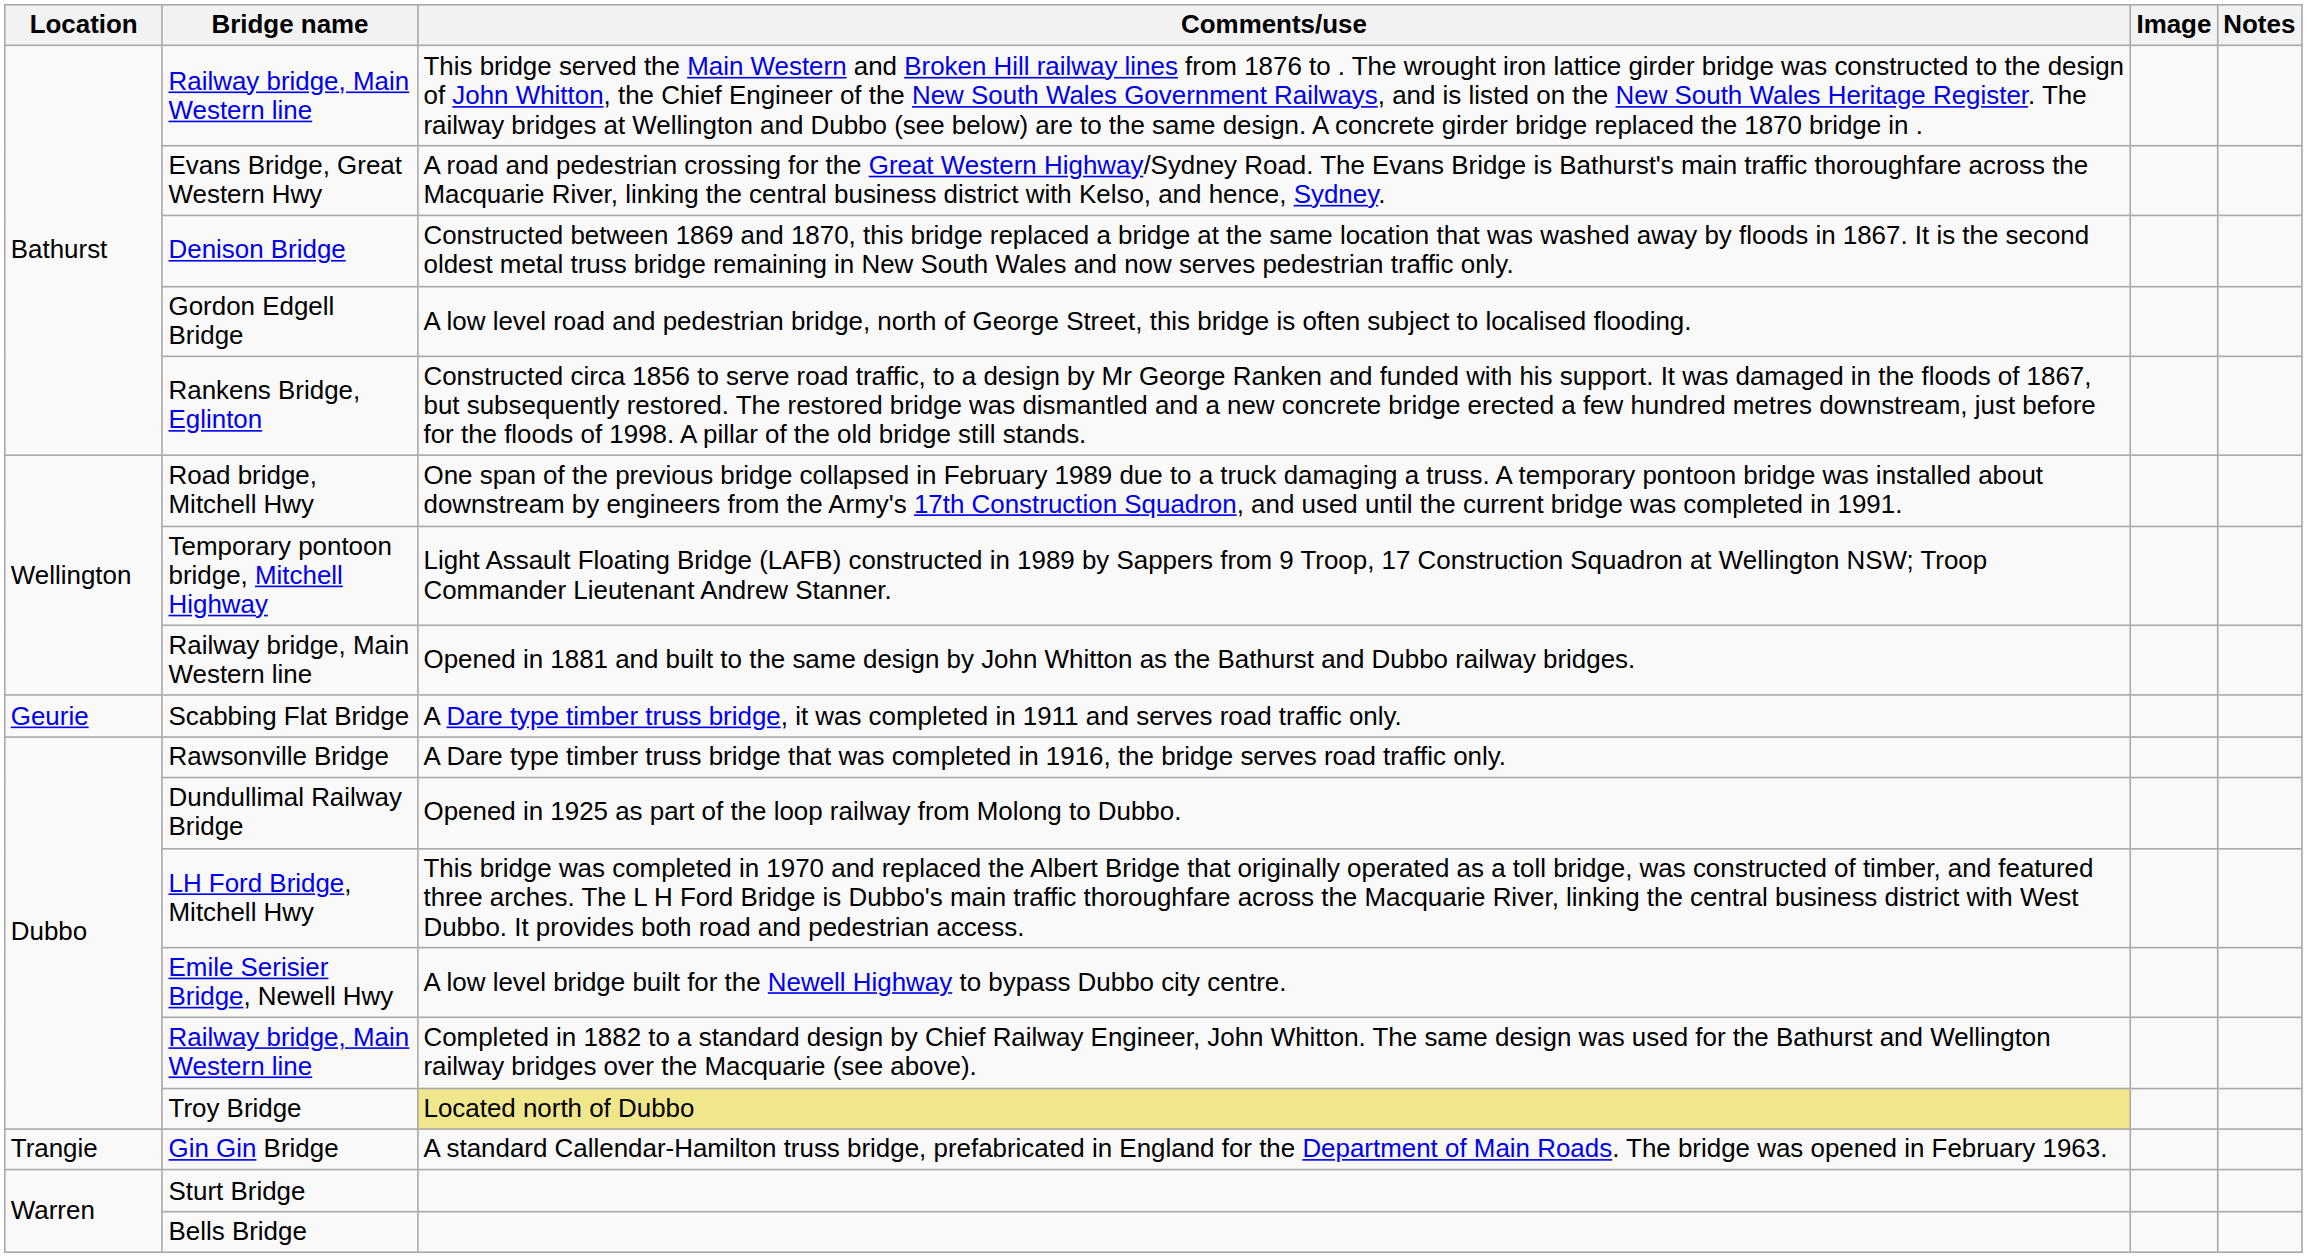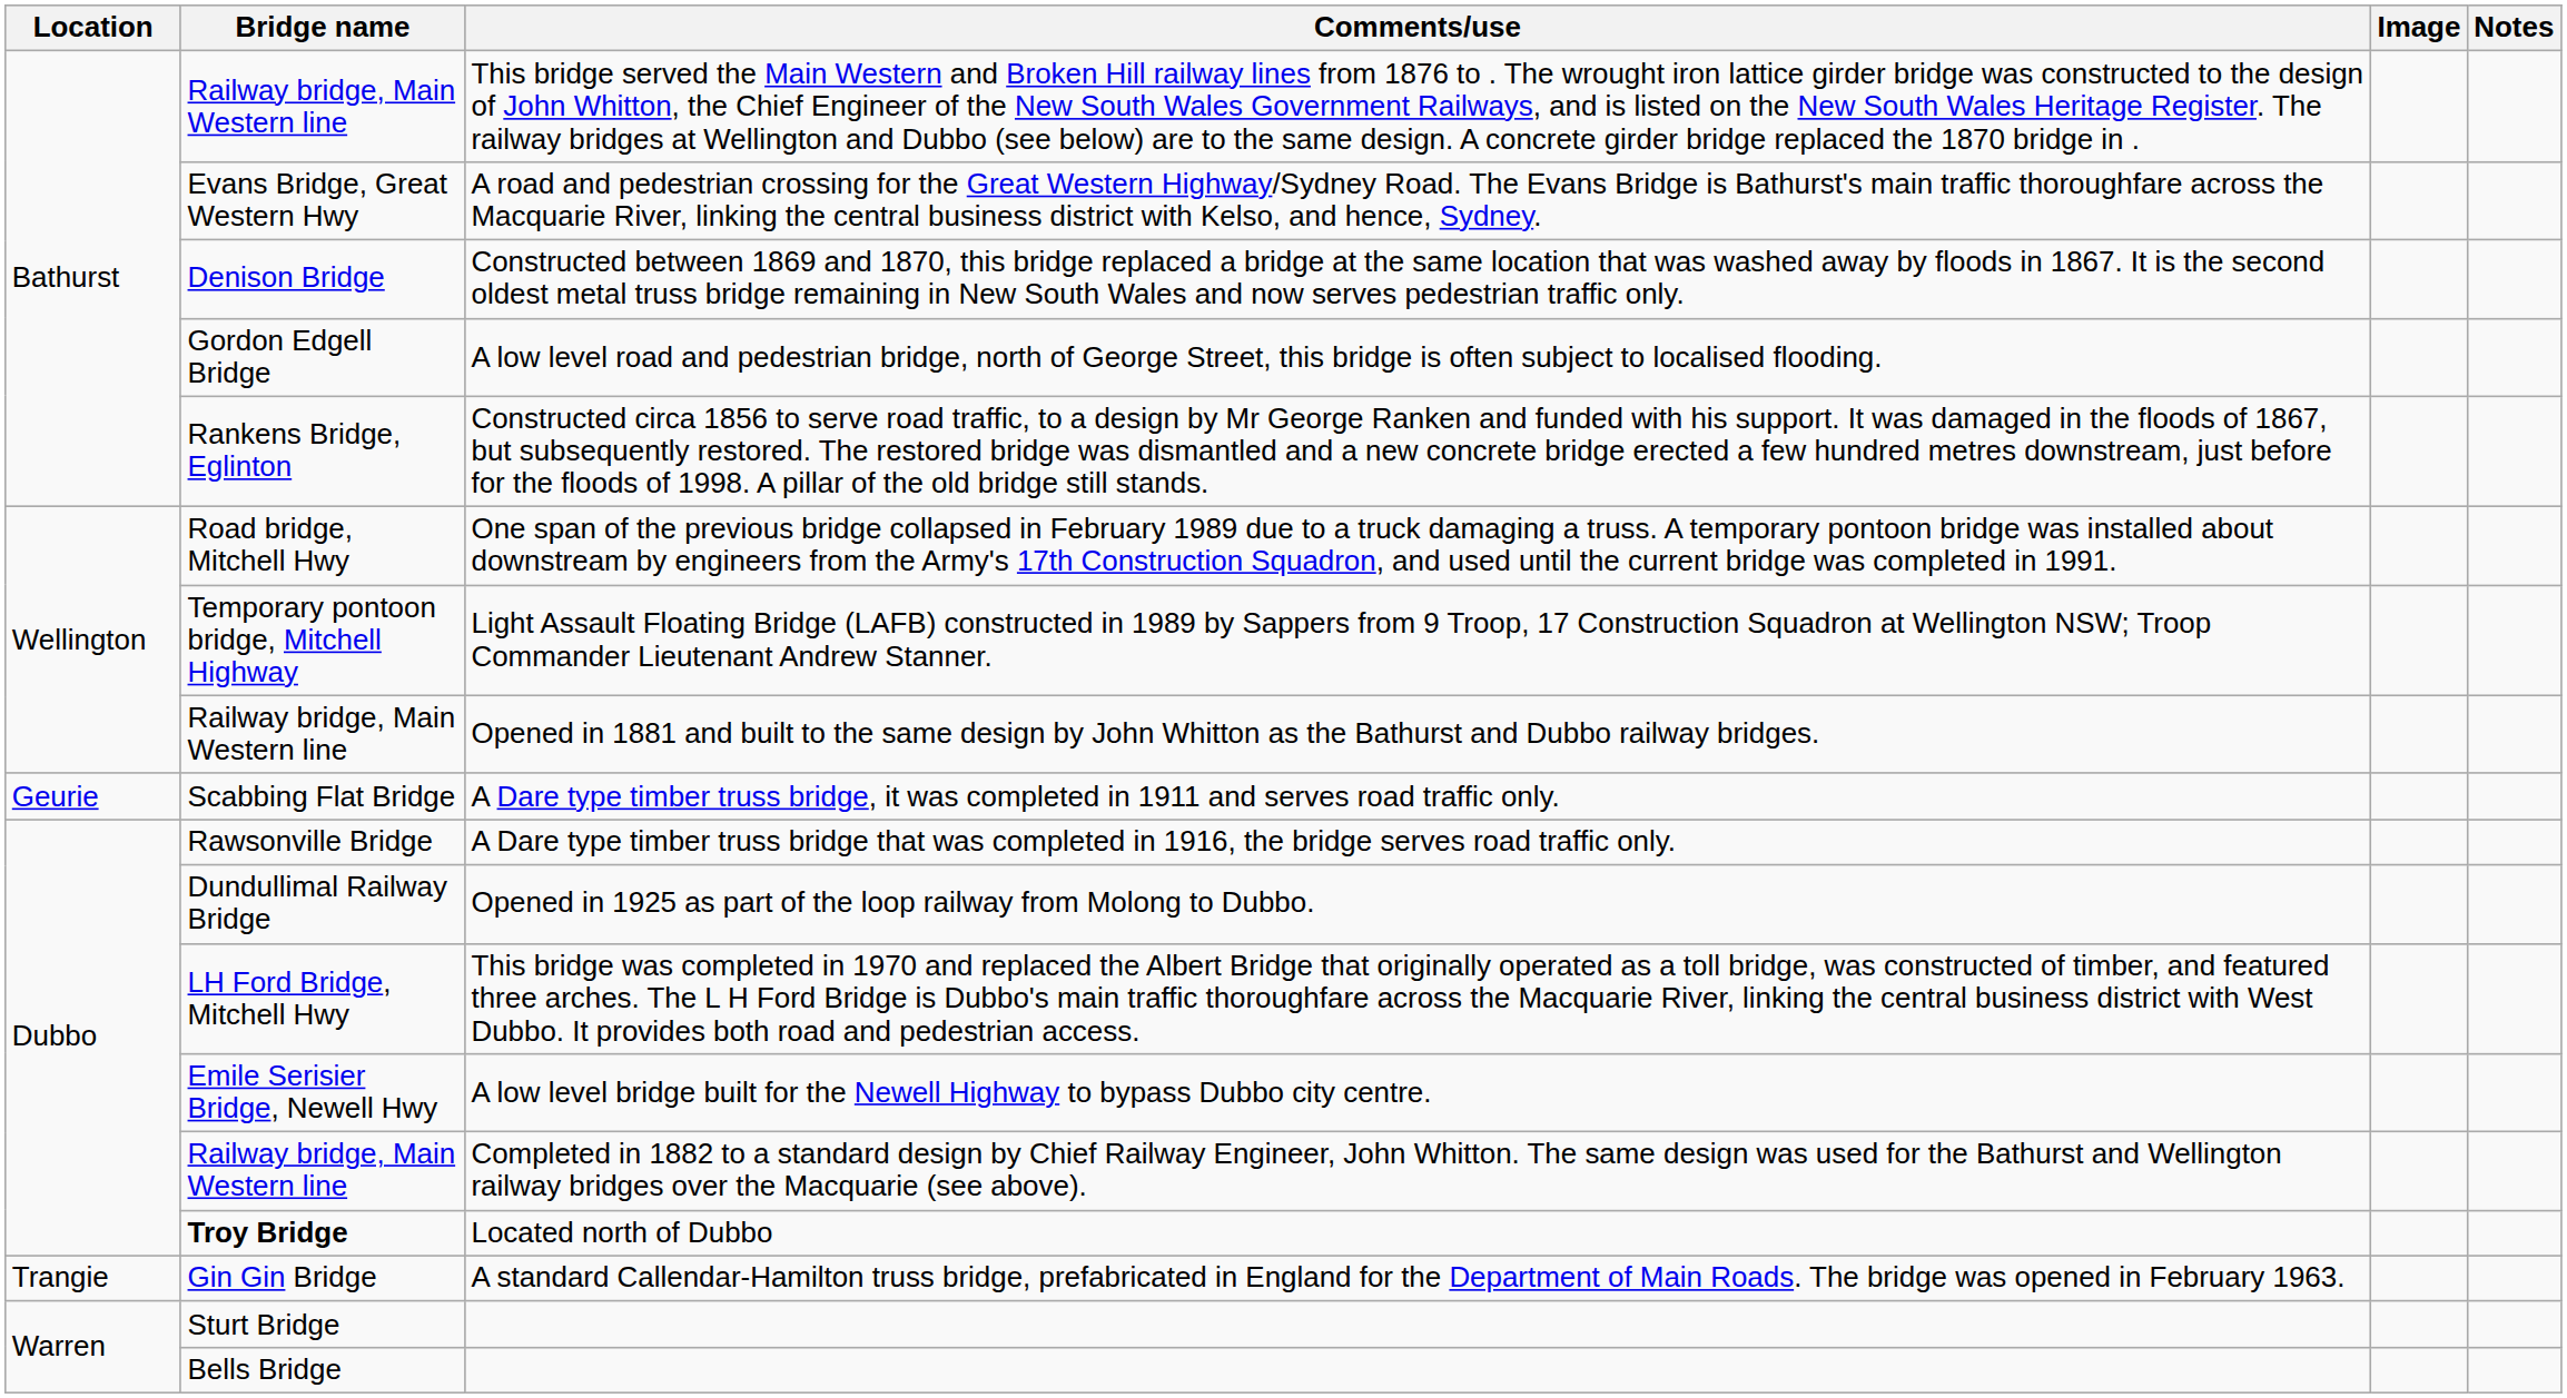 <table class="wikitable" width="auto" style="text-align: left">
 <tr>
 <th width="90pt">Location</th>
 <th width="150pt">Bridge name</th>
 <th width="1050pt">Comments/use</th>
 <th>Image</th>
 <th>Notes</th>
 </tr>
 <tr>
 <td rowspan=5>Bathurst</td>
 <td><a href='#'>Railway bridge, Main Western line</a></td>
 <td>This bridge served the <a href='#'>Main Western</a> and <a href='#'>Broken Hill railway lines</a> from 1876 to . The wrought iron lattice girder bridge was constructed to the design of <a href='#'>John Whitton</a>, the Chief Engineer of the <a href='#'>New South Wales Government Railways</a>, and is listed on the <a href='#'>New South Wales Heritage Register</a>. The railway bridges at Wellington and Dubbo (see below) are to the same design. A concrete girder bridge replaced the 1870 bridge in .</td>
 <td align="center"></td>
 <td></td>
 </tr>
 <tr>
 <td>Evans Bridge, Great Western Hwy</td>
 <td>A road and pedestrian crossing for the <a href='#'>Great Western Highway</a>/Sydney Road. The Evans Bridge is Bathurst's main traffic thoroughfare across the Macquarie River, linking the central business district with Kelso, and hence, <a href='#'>Sydney</a>.</td>
 <td align="center"></td>
 <td></td>
 </tr>
 <tr>
 <td><a href='#'>Denison Bridge</a></td>
 <td>Constructed between 1869 and 1870, this bridge replaced a bridge at the same location that was washed away by floods in 1867. It is the second oldest metal truss bridge remaining in New South Wales and now serves pedestrian traffic only.</td>
 <td align="center"></td>
 <td></td>
 </tr>
 <tr>
 <td>Gordon Edgell Bridge</td>
 <td>A low level road and pedestrian bridge, north of George Street, this bridge is often subject to localised flooding.</td>
 <td align="center"></td>
 <td></td>
 </tr>
 <tr>
 <td>Rankens Bridge, <a href='#'>Eglinton</a></td>
 <td>Constructed circa 1856 to serve road traffic, to a design by Mr George Ranken and funded with his support. It was damaged in the floods of 1867, but subsequently restored. The restored bridge was dismantled and a new concrete bridge erected a few hundred metres downstream, just before for the floods of 1998. A pillar of the old bridge still stands.</td>
 <td></td>
 <td></td>
 </tr>
 <tr>
 <td rowspan=3>Wellington</td>
 <td>Road bridge, Mitchell Hwy</td>
 <td>One span of the previous bridge collapsed in February 1989 due to a truck damaging a truss. A temporary pontoon bridge was installed about  downstream by engineers from the Army's <a href='#'>17th Construction Squadron</a>, and used until the current bridge was completed in 1991.</td>
 <td align="center"></td>
 <td></td>
 </tr>
 <tr>
 <td>Temporary pontoon bridge, <a href='#'>Mitchell Highway</a></td>
 <td>Light Assault Floating Bridge (LAFB) constructed in 1989 by Sappers from 9 Troop, 17 Construction Squadron at Wellington NSW; Troop Commander Lieutenant Andrew Stanner.</td>
 <td align="center"></td>
 <td></td>
 </tr>
 <tr>
 <td>Railway bridge, Main Western line</td>
 <td>Opened in 1881 and built to the same design by John Whitton as the Bathurst and Dubbo railway bridges.</td>
 <td></td>
 <td></td>
 </tr>
 <tr>
 <td><a href='#'>Geurie</a></td>
 <td>Scabbing Flat Bridge</td>
 <td>A <a href='#'>Dare type timber truss bridge</a>, it was completed in 1911 and serves road traffic only.</td>
 <td></td>
 <td></td>
 </tr>
 <tr>
 <td rowspan=6>Dubbo</td>
 <td>Rawsonville Bridge</td>
 <td>A Dare type timber truss bridge that was completed in 1916, the bridge serves road traffic only.</td>
 <td></td>
 <td></td>
 </tr>
 <tr>
 <td>Dundullimal Railway Bridge</td>
 <td>Opened in 1925 as part of the loop railway from Molong to Dubbo.</td>
 <td></td>
 <td></td>
 </tr>
 <tr>
 <td><a href='#'>LH Ford Bridge</a>, Mitchell Hwy</td>
 <td>This bridge was completed in 1970 and replaced the Albert Bridge that originally operated as a toll bridge, was constructed of timber, and featured three arches. The L H Ford Bridge is Dubbo's main traffic thoroughfare across the Macquarie River, linking the central business district with West Dubbo. It provides both road and pedestrian access.</td>
 <td align="center"></td>
 <td></td>
 </tr>
 <tr>
 <td><a href='#'>Emile Serisier Bridge</a>, Newell Hwy</td>
 <td>A low level bridge built for the <a href='#'>Newell Highway</a> to bypass Dubbo city centre.</td>
 <td></td>
 <td></td>
 </tr>
 <tr>
 <td><a href='#'>Railway bridge, Main Western line</a></td>
 <td>Completed in 1882 to a standard design by Chief Railway Engineer, John Whitton. The same design was used for the Bathurst and Wellington railway bridges over the Macquarie (see above).</td>
 <td align="center"></td>
 <td></td>
 </tr>
 <tr>
-<td>Troy Bridge</td>
-<td style="background: khaki;">Located north of Dubbo</td>
+<td><strong>Troy Bridge</strong></td>
+<td>Located north of Dubbo</td>
 <td></td>
 <td></td>
 </tr>
 <tr>
 <td>Trangie</td>
 <td><a href='#'>Gin Gin</a> Bridge</td>
 <td>A standard Callendar-Hamilton truss bridge, prefabricated in England for the <a href='#'>Department of Main Roads</a>. The  bridge was opened in February 1963.</td>
 <td align="center"></td>
 <td></td>
 </tr>
 <tr>
 <td rowspan=2>Warren</td>
 <td>Sturt Bridge</td>
 <td></td>
 <td></td>
 <td></td>
 </tr>
 <tr>
 <td>Bells Bridge</td>
 <td></td>
 <td></td>
 <td></td>
 </tr>
 </table>
